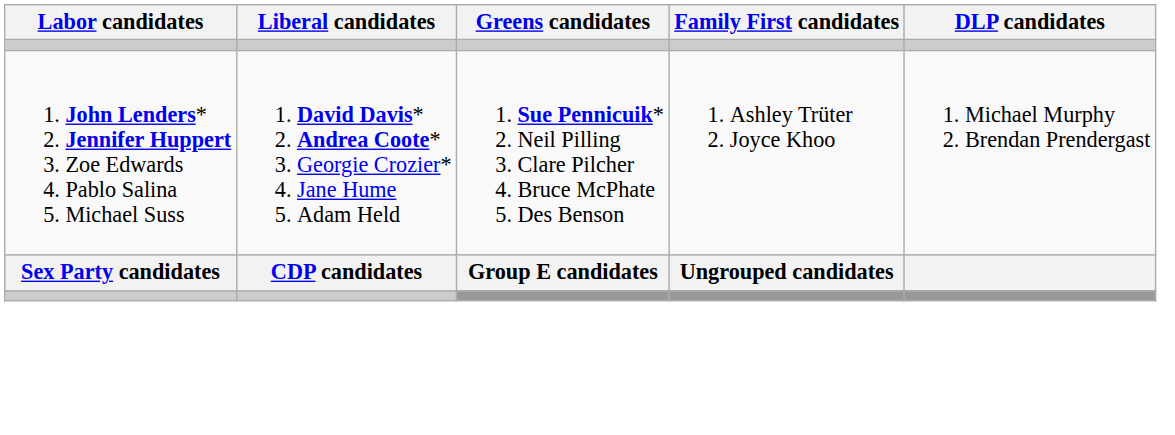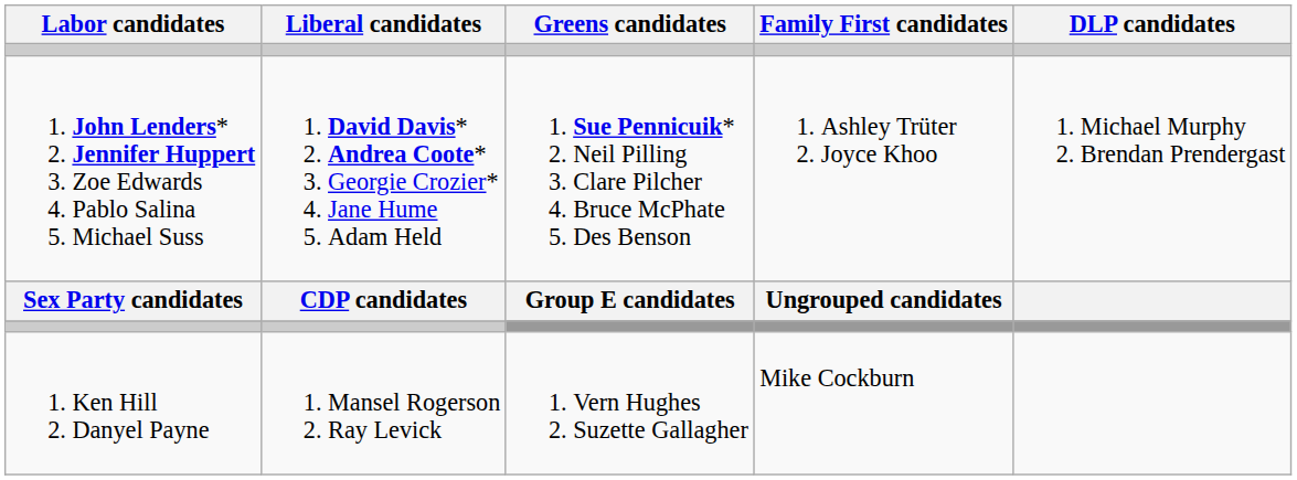 <table class="wikitable">
 <tr>
 <th><a href='#'>Labor</a> candidates</th>
 <th><a href='#'>Liberal</a> candidates</th>
 <th><a href='#'>Greens</a> candidates</th>
 <th><a href='#'>Family First</a> candidates</th>
 <th><a href='#'>DLP</a> candidates</th>
 </tr>
 <tr bgcolor="#cccccc">
 <td></td>
 <td></td>
 <td></td>
 <td></td>
 <td></td>
 </tr>
 <tr>
 <td><br><ol><li><strong><a href='#'>John Lenders</a></strong>*</li><li><strong><a href='#'>Jennifer Huppert</a></strong></li><li>Zoe Edwards</li><li>Pablo Salina</li><li>Michael Suss</li></ol></td>
 <td><br><ol><li><strong><a href='#'>David Davis</a></strong>*</li><li><strong><a href='#'>Andrea Coote</a></strong>*</li><li><a href='#'>Georgie Crozier</a>*</li><li><a href='#'>Jane Hume</a></li><li>Adam Held</li></ol></td>
 <td><br><ol><li><strong><a href='#'>Sue Pennicuik</a></strong>*</li><li>Neil Pilling</li><li>Clare Pilcher</li><li>Bruce McPhate</li><li>Des Benson</li></ol></td>
 <td valign=top><br><ol><li>Ashley Trüter</li><li>Joyce Khoo</li></ol></td>
 <td valign=top><br><ol><li>Michael Murphy</li><li>Brendan Prendergast</li></ol></td>
 </tr>
 <tr bgcolor="#cccccc">
 <th><a href='#'>Sex Party</a> candidates</th>
 <th><a href='#'>CDP</a> candidates</th>
 <th>Group E candidates</th>
 <th>Ungrouped candidates</th>
 <th></th>
 </tr>
 <tr bgcolor="#cccccc">
 <td></td>
 <td></td>
 <td bgcolor="#999999"></td>
 <td bgcolor="#999999"></td>
 <td bgcolor="#999999"></td>
 </tr>
+<tr>
+<td valign=top><br><ol><li>Ken Hill</li><li>Danyel Payne</li></ol></td>
+<td valign=top><br><ol><li>Mansel Rogerson</li><li>Ray Levick</li></ol></td>
+<td valign=top><br><ol><li>Vern Hughes</li><li>Suzette Gallagher</li></ol></td>
+<td valign=top><br>Mike Cockburn</td>
+<td valign=top></td>
+</tr>
 </table>
